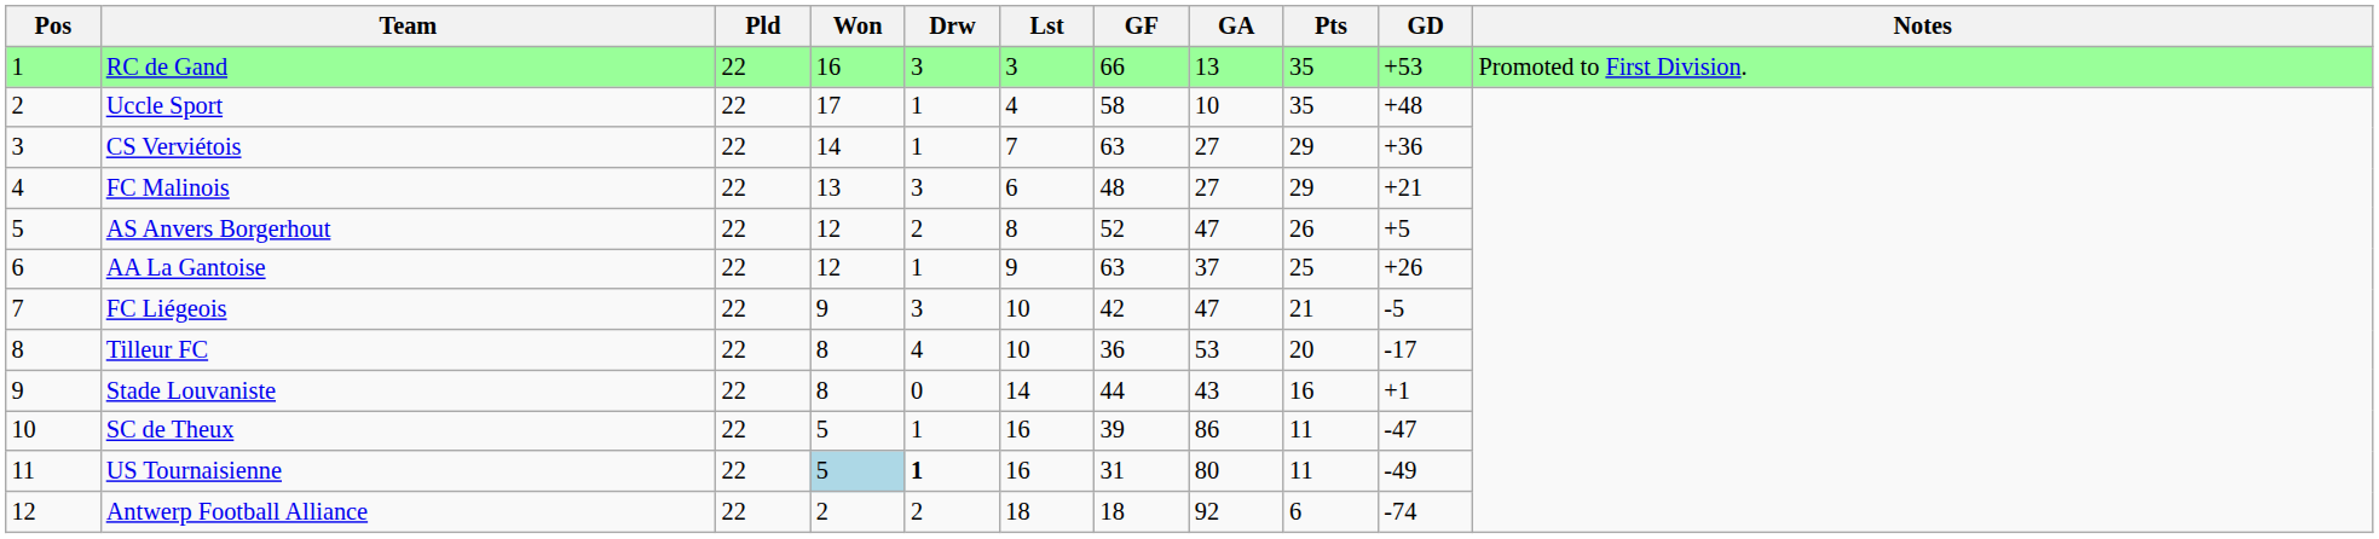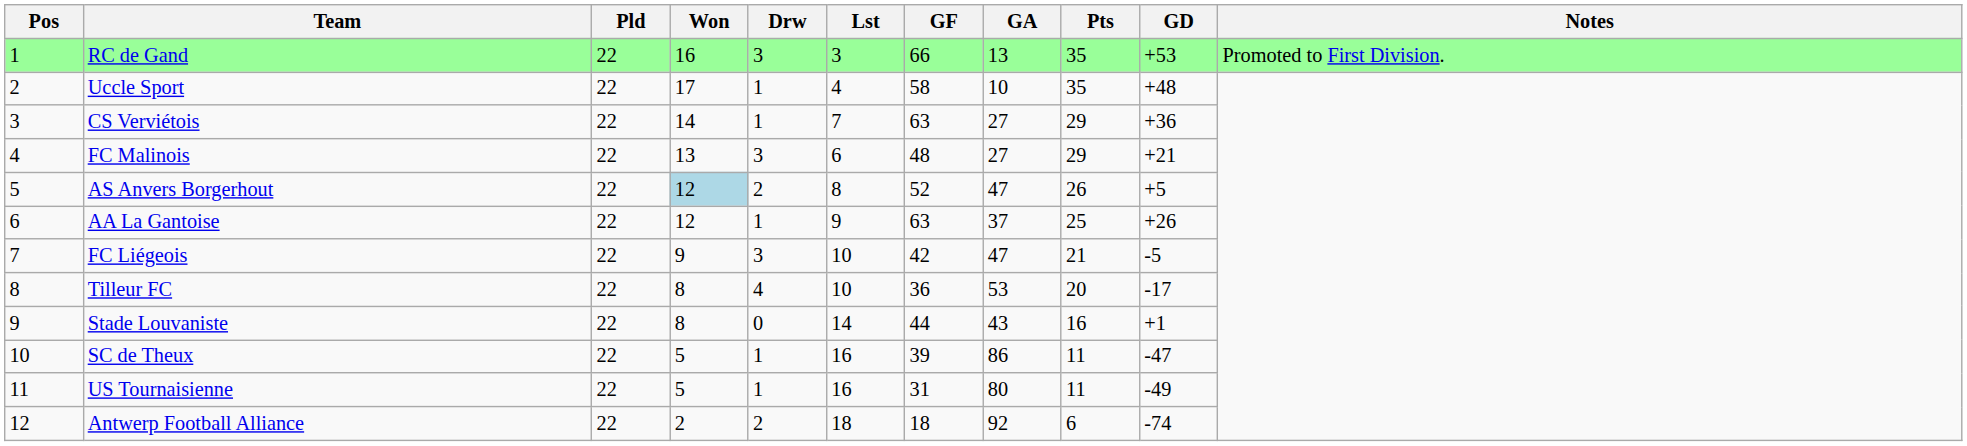 <table class="wikitable" width=70% style="font-size:90%">
 <tr>
 <th width=4%><strong>Pos</strong></th>
 <th width=26%><strong>Team</strong></th>
 <th width=4%><strong>Pld</strong></th>
 <th width=4%><strong>Won</strong></th>
 <th width=4%><strong>Drw</strong></th>
 <th width=4%><strong>Lst</strong></th>
 <th width=4%><strong>GF</strong></th>
 <th width=4%><strong>GA</strong></th>
 <th width=4%><strong>Pts</strong></th>
 <th width=4%><strong>GD</strong></th>
 <th width=38%><strong>Notes</strong></th>
 </tr>
 <tr bgcolor=#99ff99>
 <td>1</td>
 <td><a href='#'>RC de Gand</a></td>
 <td>22</td>
 <td>16</td>
 <td>3</td>
 <td>3</td>
 <td>66</td>
 <td>13</td>
 <td>35</td>
 <td>+53</td>
 <td>Promoted to <a href='#'>First Division</a>.</td>
 </tr>
 <tr>
 <td>2</td>
 <td><a href='#'>Uccle Sport</a></td>
 <td>22</td>
 <td>17</td>
 <td>1</td>
 <td>4</td>
 <td>58</td>
 <td>10</td>
 <td>35</td>
 <td>+48</td>
 </tr>
 <tr>
 <td>3</td>
 <td><a href='#'>CS Verviétois</a></td>
 <td>22</td>
 <td>14</td>
 <td>1</td>
 <td>7</td>
 <td>63</td>
 <td>27</td>
 <td>29</td>
 <td>+36</td>
 </tr>
 <tr>
 <td>4</td>
 <td><a href='#'>FC Malinois</a></td>
 <td>22</td>
 <td>13</td>
 <td>3</td>
 <td>6</td>
 <td>48</td>
 <td>27</td>
 <td>29</td>
 <td>+21</td>
 </tr>
 <tr>
 <td>5</td>
 <td><a href='#'>AS Anvers Borgerhout</a></td>
 <td>22</td>
-<td>12</td>
+<td style="background: lightblue;">12</td>
 <td>2</td>
 <td>8</td>
 <td>52</td>
 <td>47</td>
 <td>26</td>
 <td>+5</td>
 </tr>
 <tr>
 <td>6</td>
 <td><a href='#'>AA La Gantoise</a></td>
 <td>22</td>
 <td>12</td>
 <td>1</td>
 <td>9</td>
 <td>63</td>
 <td>37</td>
 <td>25</td>
 <td>+26</td>
 </tr>
 <tr>
 <td>7</td>
 <td><a href='#'>FC Liégeois</a></td>
 <td>22</td>
 <td>9</td>
 <td>3</td>
 <td>10</td>
 <td>42</td>
 <td>47</td>
 <td>21</td>
 <td>-5</td>
 </tr>
 <tr>
 <td>8</td>
 <td><a href='#'>Tilleur FC</a></td>
 <td>22</td>
 <td>8</td>
 <td>4</td>
 <td>10</td>
 <td>36</td>
 <td>53</td>
 <td>20</td>
 <td>-17</td>
 </tr>
 <tr>
 <td>9</td>
 <td><a href='#'>Stade Louvaniste</a></td>
 <td>22</td>
 <td>8</td>
 <td>0</td>
 <td>14</td>
 <td>44</td>
 <td>43</td>
 <td>16</td>
 <td>+1</td>
 </tr>
 <tr>
 <td>10</td>
 <td><a href='#'>SC de Theux</a></td>
 <td>22</td>
 <td>5</td>
 <td>1</td>
 <td>16</td>
 <td>39</td>
 <td>86</td>
 <td>11</td>
 <td>-47</td>
 </tr>
 <tr>
 <td>11</td>
 <td><a href='#'>US Tournaisienne</a></td>
 <td>22</td>
-<td style="background: lightblue;">5</td>
-<td><strong>1</strong></td>
+<td>5</td>
+<td>1</td>
 <td>16</td>
 <td>31</td>
 <td>80</td>
 <td>11</td>
 <td>-49</td>
 </tr>
 <tr>
 <td>12</td>
 <td><a href='#'>Antwerp Football Alliance</a></td>
 <td>22</td>
 <td>2</td>
 <td>2</td>
 <td>18</td>
 <td>18</td>
 <td>92</td>
 <td>6</td>
 <td>-74</td>
 </tr>
 </table>
